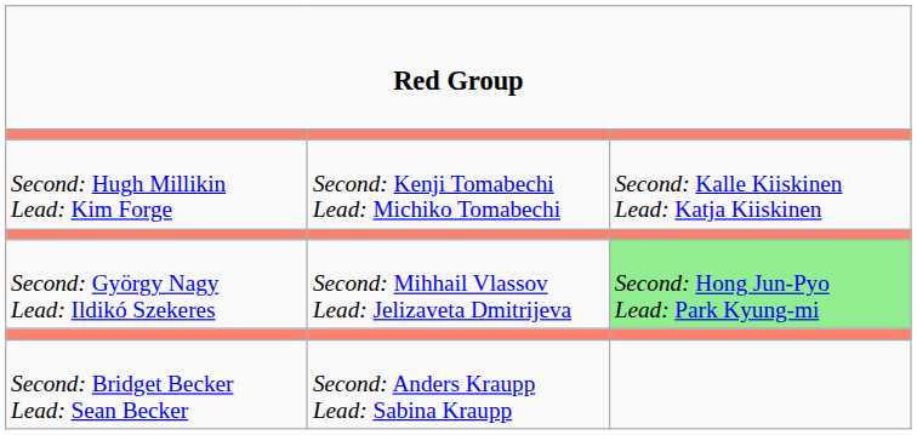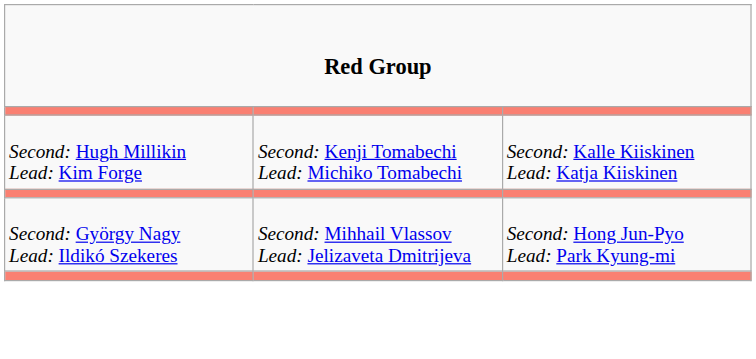 <table class="wikitable">
 <tr>
 <td align=center colspan="3"><br><h3>Red Group</h3></td>
 </tr>
 <tr>
 <th style="background: #FA8072;" width="200"></th>
 <th style="background: #FA8072;" width="200"></th>
 <th style="background: #FA8072;" width="200"></th>
 </tr>
 <tr>
 <td><br><em>Second:</em> <a href='#'>Hugh Millikin</a><br> <em>Lead:</em> <a href='#'>Kim Forge</a></td>
 <td><br><em>Second:</em> <a href='#'>Kenji Tomabechi</a><br> <em>Lead:</em> <a href='#'>Michiko Tomabechi</a></td>
 <td><br><em>Second:</em> <a href='#'>Kalle Kiiskinen</a><br> <em>Lead:</em> <a href='#'>Katja Kiiskinen</a></td>
 </tr>
 <tr>
 <th style="background: #FA8072;" width="200"></th>
 <th style="background: #FA8072;" width="200"></th>
 <th style="background: #FA8072;" width="200"></th>
 </tr>
 <tr>
 <td><br><em>Second:</em> <a href='#'>György Nagy</a><br> <em>Lead:</em> <a href='#'>Ildikó Szekeres</a></td>
 <td><br><em>Second:</em> <a href='#'>Mihhail Vlassov</a> <br> <em>Lead:</em> <a href='#'>Jelizaveta Dmitrijeva</a></td>
-<td style="background: lightgreen;"><br><em>Second:</em> <a href='#'>Hong Jun-Pyo</a> <br> <em>Lead:</em> <a href='#'>Park Kyung-mi</a></td>
+<td><br><em>Second:</em> <a href='#'>Hong Jun-Pyo</a> <br> <em>Lead:</em> <a href='#'>Park Kyung-mi</a></td>
 </tr>
 <tr>
 <th style="background: #FA8072;" width="200"></th>
 <th style="background: #FA8072;" width="200"></th>
 <th style="background: #FA8072;" width="200"></th>
 </tr>
-<tr>
-<td><br><em>Second:</em> <a href='#'>Bridget Becker</a><br> <em>Lead:</em> <a href='#'>Sean Becker</a></td>
-<td><br><em>Second:</em> <a href='#'>Anders Kraupp</a> <br> <em>Lead:</em> <a href='#'>Sabina Kraupp</a></td>
-<td></td>
-</tr>
 </table>
